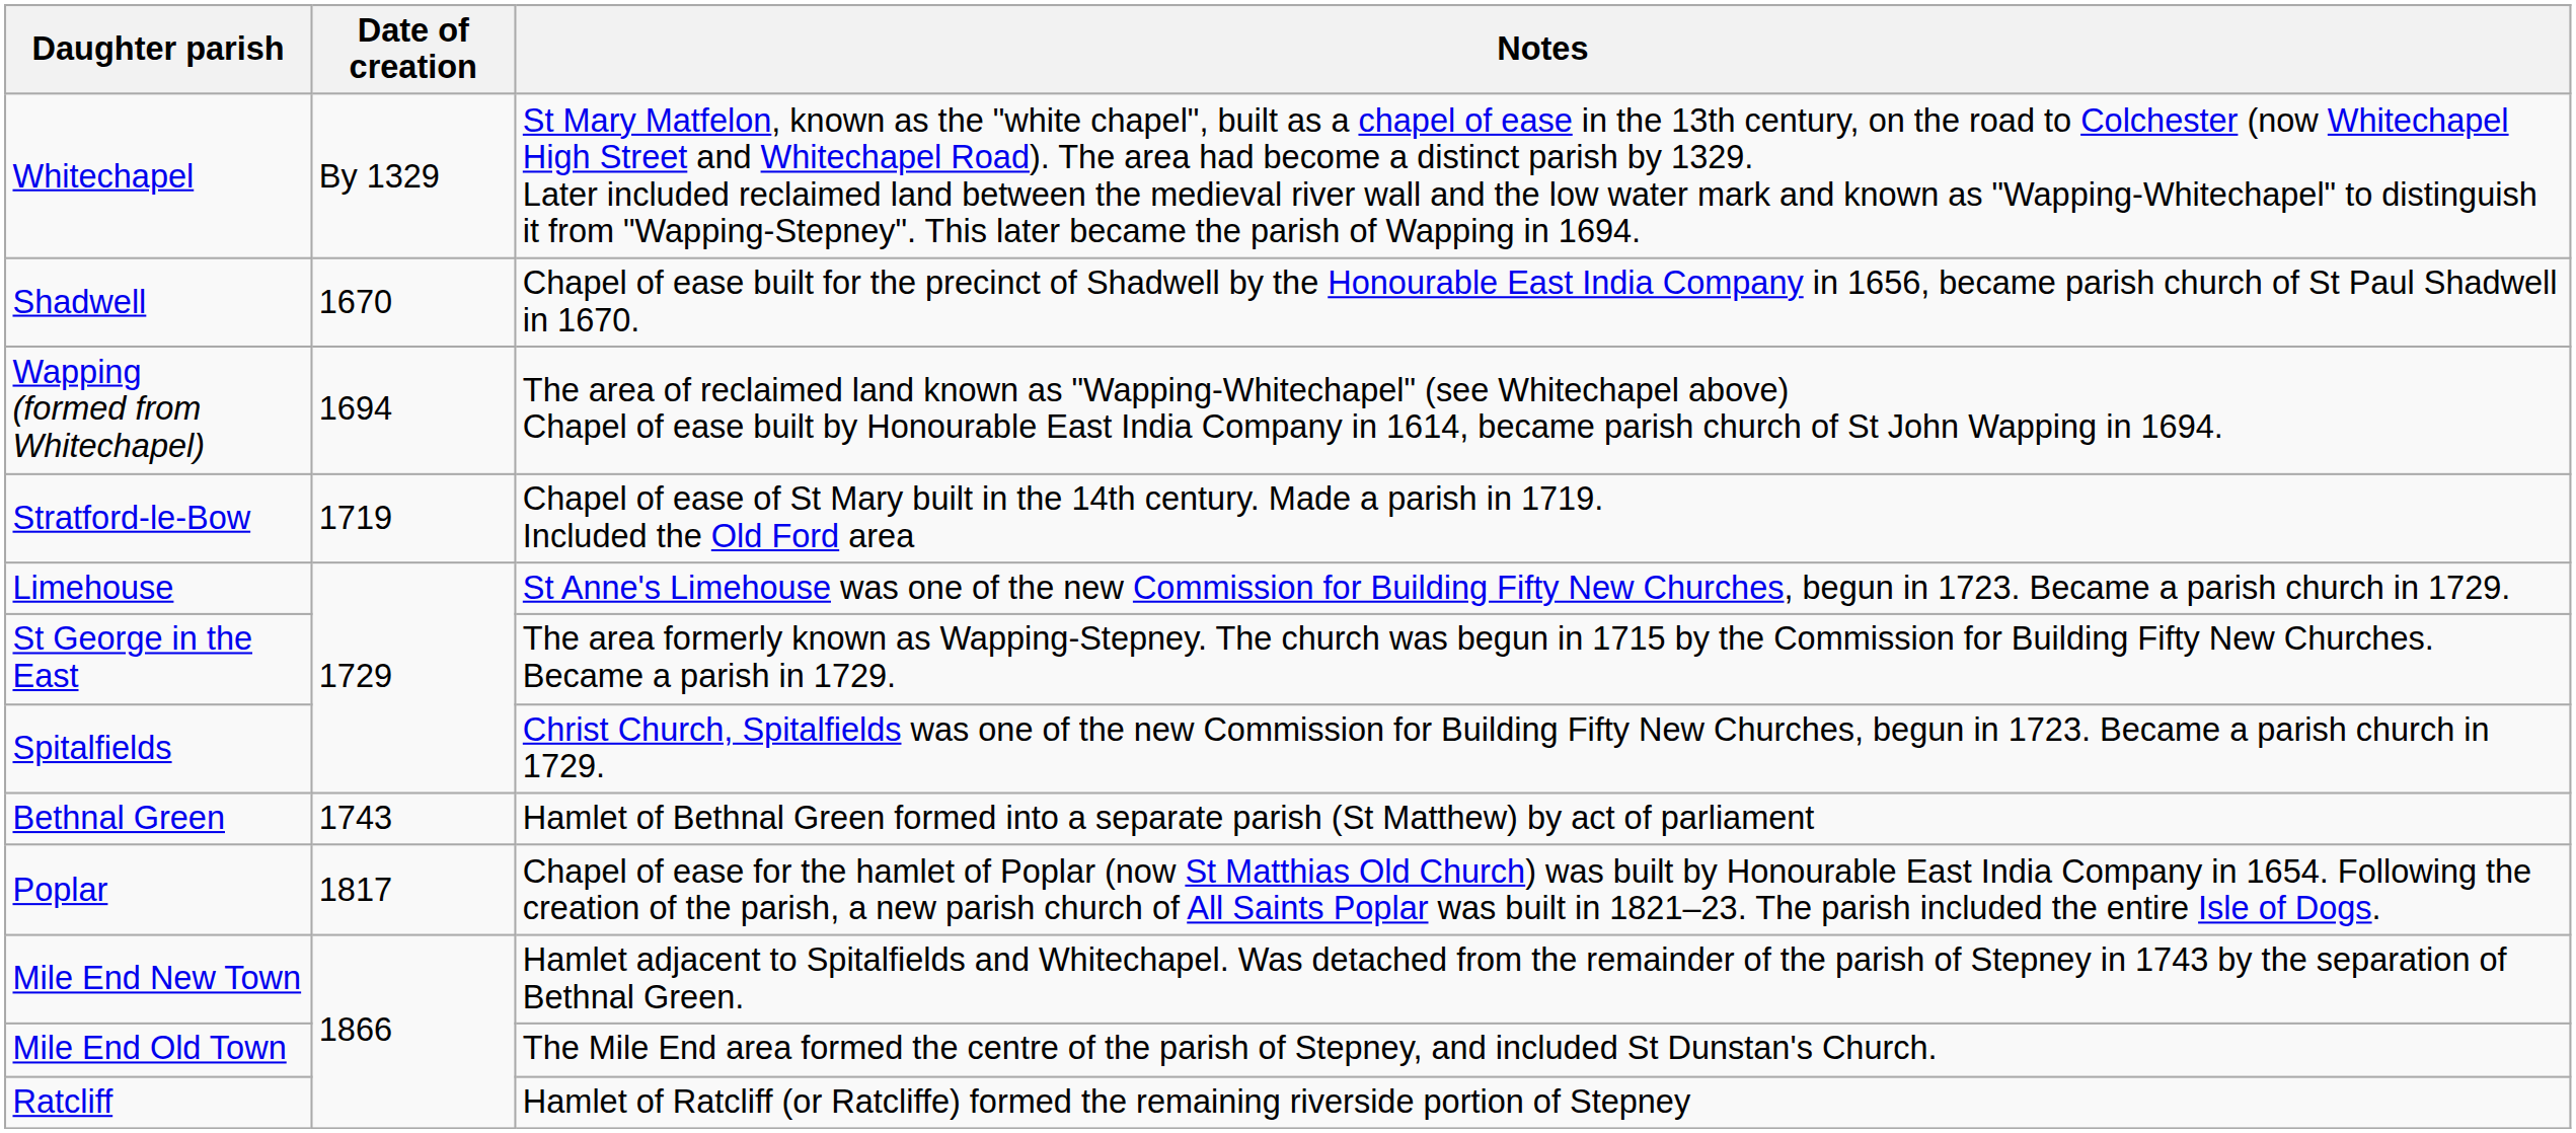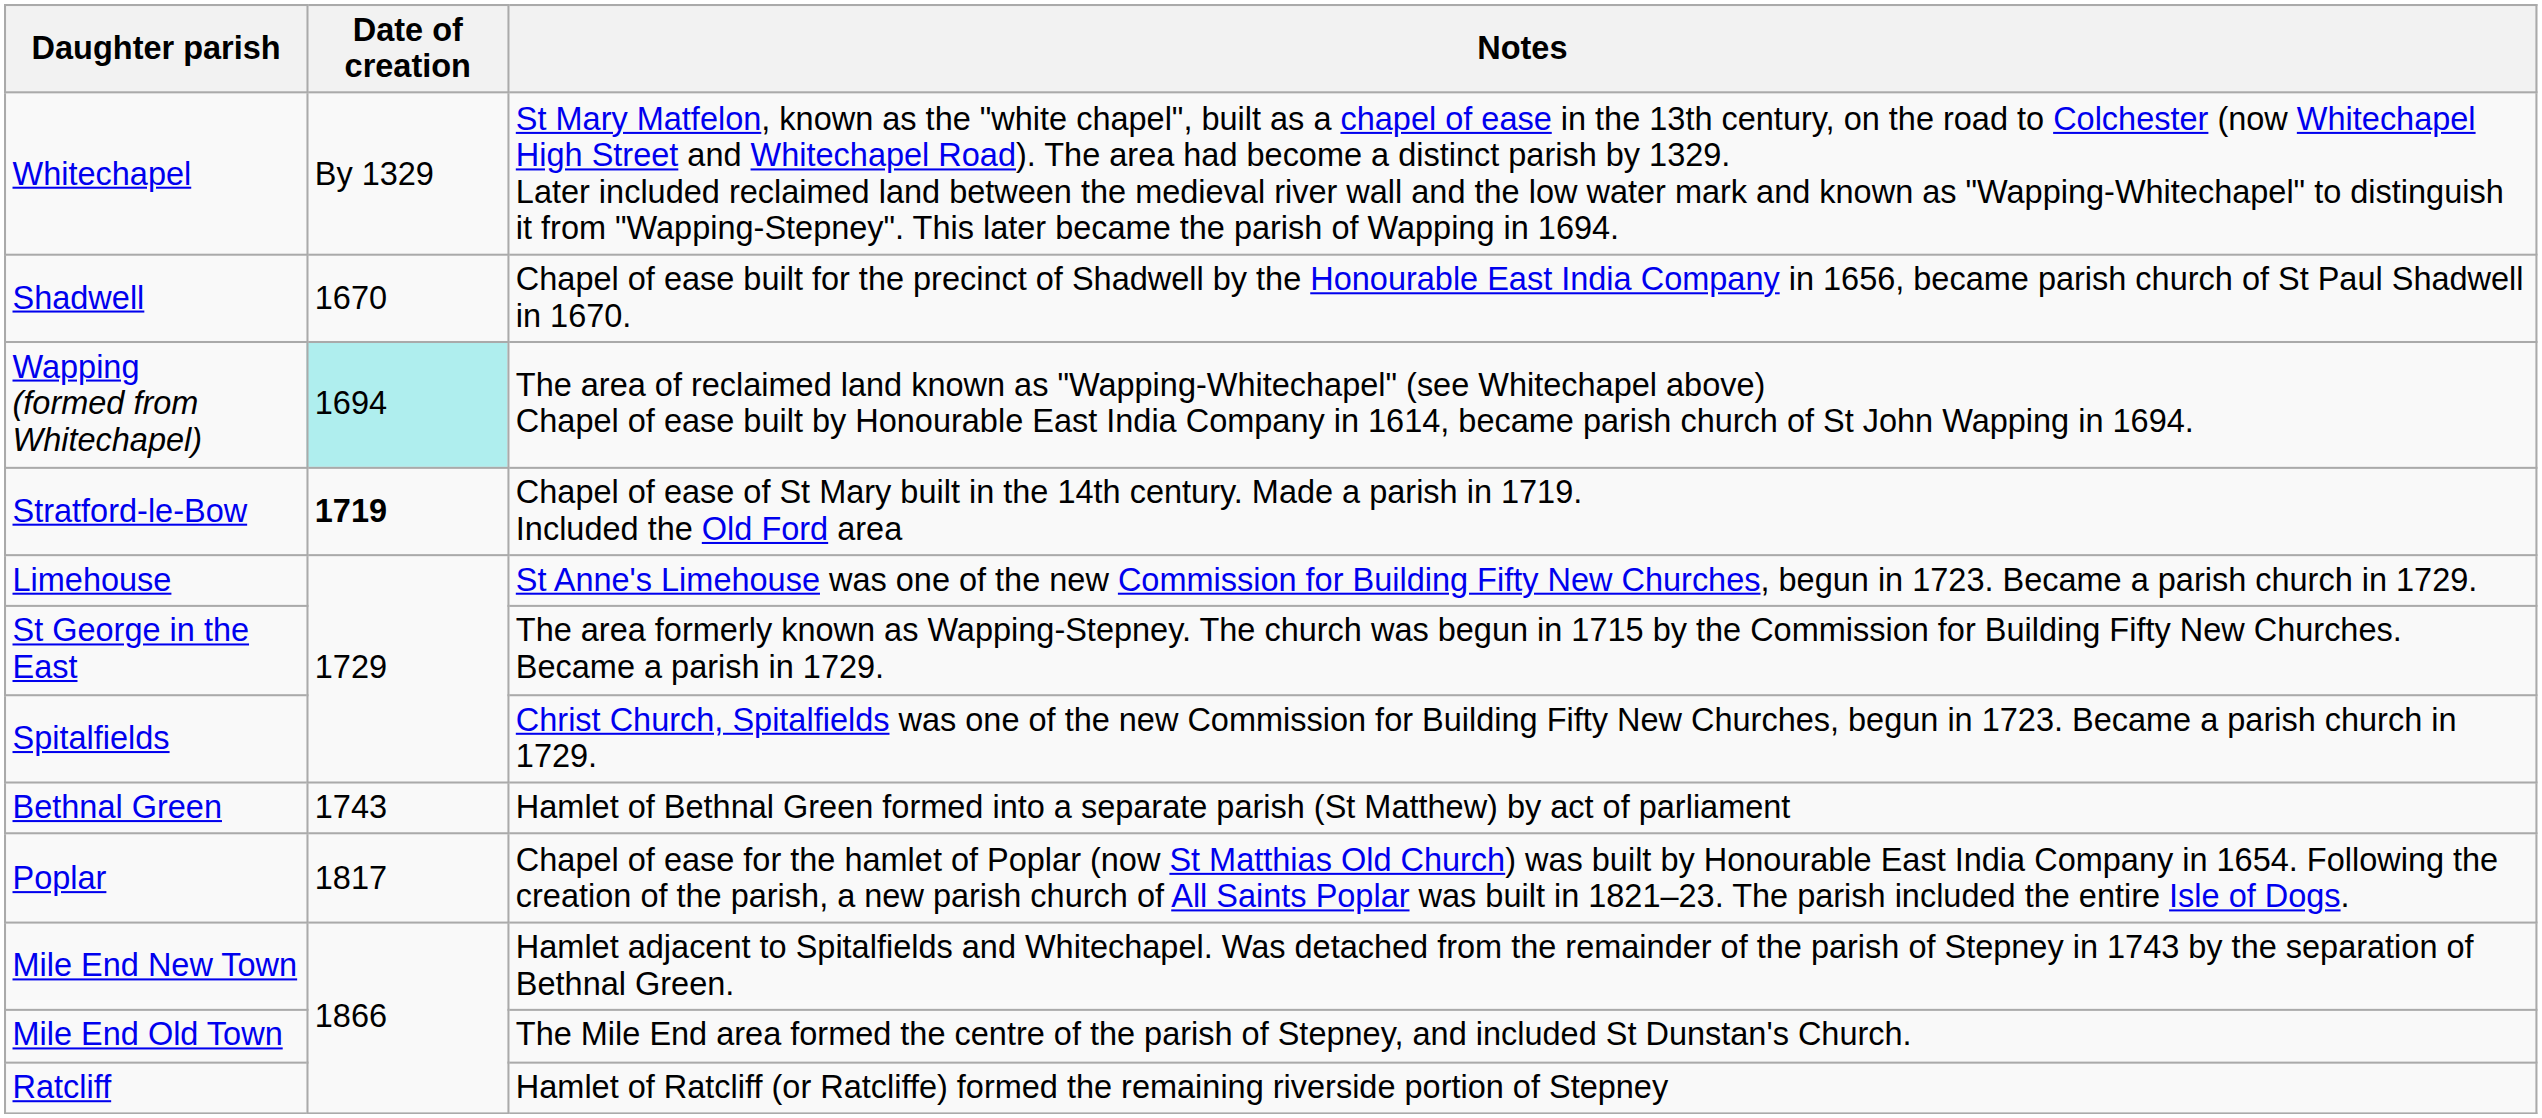 <table class="wikitable">
 <tr>
 <th>Daughter parish</th>
 <th>Date of creation</th>
 <th>Notes</th>
 </tr>
 <tr>
 <td><a href='#'>Whitechapel</a></td>
 <td>By 1329</td>
 <td><a href='#'>St Mary Matfelon</a>, known as the "white chapel", built as a <a href='#'>chapel of ease</a> in the 13th century, on the road to <a href='#'>Colchester</a> (now <a href='#'>Whitechapel High Street</a> and <a href='#'>Whitechapel Road</a>). The area had become a distinct parish by 1329.<br>Later included reclaimed land between the medieval river wall and the low water mark and known as "Wapping-Whitechapel" to distinguish it from "Wapping-Stepney". This later became the parish of Wapping in 1694.</td>
 </tr>
 <tr>
 <td><a href='#'>Shadwell</a></td>
 <td>1670</td>
 <td>Chapel of ease built for the precinct of Shadwell by the <a href='#'>Honourable East India Company</a> in 1656, became parish church of St Paul Shadwell in 1670.</td>
 </tr>
 <tr>
 <td><a href='#'>Wapping</a><br><em>(formed from Whitechapel)</em></td>
-<td>1694</td>
+<td style="background: paleturquoise;">1694</td>
 <td>The area of reclaimed land known as "Wapping-Whitechapel" (see Whitechapel above)<br> Chapel of ease built by Honourable East India Company in 1614, became parish church of St John Wapping in 1694.</td>
 </tr>
 <tr>
 <td><a href='#'>Stratford-le-Bow</a></td>
-<td>1719</td>
+<td><strong>1719</strong></td>
 <td>Chapel of ease of St Mary built in the 14th century. Made a parish in 1719. <br>Included the <a href='#'>Old Ford</a> area</td>
 </tr>
 <tr>
 <td><a href='#'>Limehouse</a></td>
 <td rowspan=3>1729</td>
 <td><a href='#'>St Anne's Limehouse</a> was one of the new <a href='#'>Commission for Building Fifty New Churches</a>, begun in 1723. Became a parish church in 1729.</td>
 </tr>
 <tr>
 <td><a href='#'>St George in the East</a></td>
 <td>The area formerly known as Wapping-Stepney. The church was begun in 1715 by the Commission for Building Fifty New Churches. Became a parish in 1729.</td>
 </tr>
 <tr>
 <td><a href='#'>Spitalfields</a></td>
 <td><a href='#'>Christ Church, Spitalfields</a> was one of the new Commission for Building Fifty New Churches, begun in 1723. Became a parish church in 1729.</td>
 </tr>
 <tr>
 <td><a href='#'>Bethnal Green</a></td>
 <td>1743</td>
 <td>Hamlet of Bethnal Green formed into a separate parish (St Matthew) by act of parliament</td>
 </tr>
 <tr>
 <td><a href='#'>Poplar</a></td>
 <td>1817</td>
 <td>Chapel of ease for the hamlet of Poplar (now <a href='#'>St Matthias Old Church</a>) was built by Honourable East India Company in 1654. Following the creation of the parish, a new parish church of <a href='#'>All Saints Poplar</a> was built in 1821–23. The parish included the entire <a href='#'>Isle of Dogs</a>.</td>
 </tr>
 <tr>
 <td><a href='#'>Mile End New Town</a></td>
 <td rowspan=3>1866</td>
 <td>Hamlet adjacent to Spitalfields and Whitechapel. Was detached from the remainder of the parish of Stepney in 1743 by the separation of Bethnal Green.</td>
 </tr>
 <tr>
 <td><a href='#'>Mile End Old Town</a></td>
 <td>The Mile End area formed the centre of the parish of Stepney, and included St Dunstan's Church.</td>
 </tr>
 <tr>
 <td><a href='#'>Ratcliff</a></td>
 <td>Hamlet of Ratcliff (or Ratcliffe) formed the remaining riverside portion of Stepney</td>
 </tr>
 </table>
